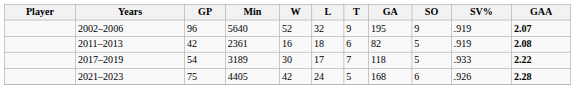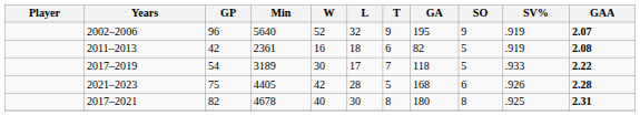 <table class="wikitable sortable" width = 900>
 <tr>
 <th>Player</th>
 <th>Years</th>
 <th>GP</th>
 <th>Min</th>
 <th>W</th>
 <th>L</th>
 <th>T</th>
 <th>GA</th>
 <th>SO</th>
 <th>SV%</th>
 <th>GAA</th>
 </tr>
 <tr>
 <td></td>
 <td>2002–2006</td>
 <td>96</td>
 <td>5640</td>
 <td>52</td>
 <td>32</td>
 <td>9</td>
 <td>195</td>
 <td>9</td>
 <td>.919</td>
 <td><strong>2.07</strong></td>
 </tr>
 <tr>
 <td></td>
 <td>2011–2013</td>
 <td>42</td>
 <td>2361</td>
 <td>16</td>
 <td>18</td>
 <td>6</td>
 <td>82</td>
 <td>5</td>
 <td>.919</td>
 <td><strong>2.08</strong></td>
 </tr>
 <tr>
 <td></td>
 <td>2017–2019</td>
 <td>54</td>
 <td>3189</td>
 <td>30</td>
 <td>17</td>
 <td>7</td>
 <td>118</td>
 <td>5</td>
 <td>.933</td>
 <td><strong>2.22</strong></td>
 </tr>
 <tr>
 <td></td>
 <td>2021–2023</td>
 <td>75</td>
 <td>4405</td>
 <td>42</td>
-<td>24</td>
+<td>28</td>
 <td>5</td>
 <td>168</td>
 <td>6</td>
 <td>.926</td>
 <td><strong>2.28</strong></td>
 </tr>
 <tr>
+<td></td>
+<td>2017–2021</td>
+<td>82</td>
+<td>4678</td>
+<td>40</td>
+<td>30</td>
+<td>8</td>
+<td>180</td>
+<td>8</td>
+<td>.925</td>
+<td><strong>2.31</strong></td>
+</tr>
+<tr>
 </tr>
 </table>
